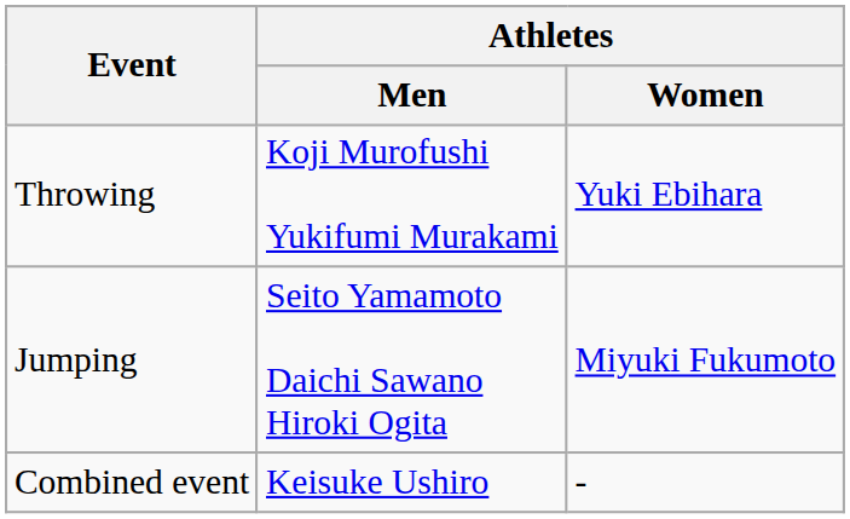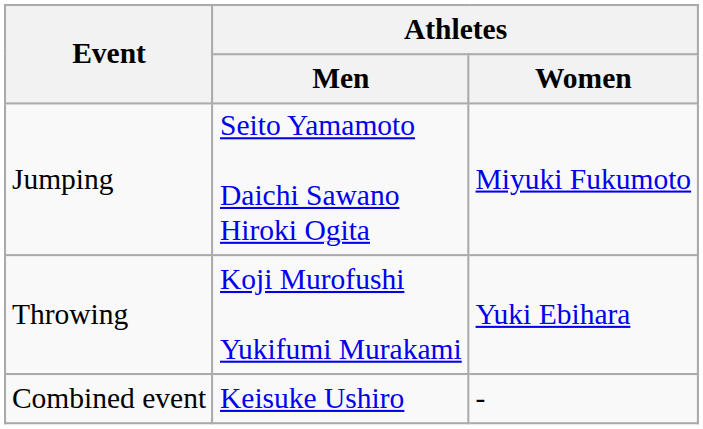 <table class=wikitable style="font-size:90%">
 <tr>
 <th rowspan=2>Event</th>
 <th colspan=2>Athletes</th>
 </tr>
 <tr>
 <th>Men</th>
 <th>Women</th>
 </tr>
 <tr>
+<td>Jumping</td>
+<td><a href='#'>Seito Yamamoto</a> <br><br><a href='#'>Daichi Sawano</a> <br> <a href='#'>Hiroki Ogita</a></td>
+<td><a href='#'>Miyuki Fukumoto</a></td>
+</tr>
+<tr>
 <td>Throwing</td>
 <td><a href='#'>Koji Murofushi</a> <br><br><a href='#'>Yukifumi Murakami</a></td>
 <td><a href='#'>Yuki Ebihara</a></td>
-</tr>
-<tr>
-<td>Jumping</td>
-<td><a href='#'>Seito Yamamoto</a> <br><br><a href='#'>Daichi Sawano</a> <br> <a href='#'>Hiroki Ogita</a></td>
-<td><a href='#'>Miyuki Fukumoto</a></td>
 </tr>
 <tr>
 <td>Combined event</td>
 <td><a href='#'>Keisuke Ushiro</a></td>
 <td>-</td>
 </tr>
 </table>
